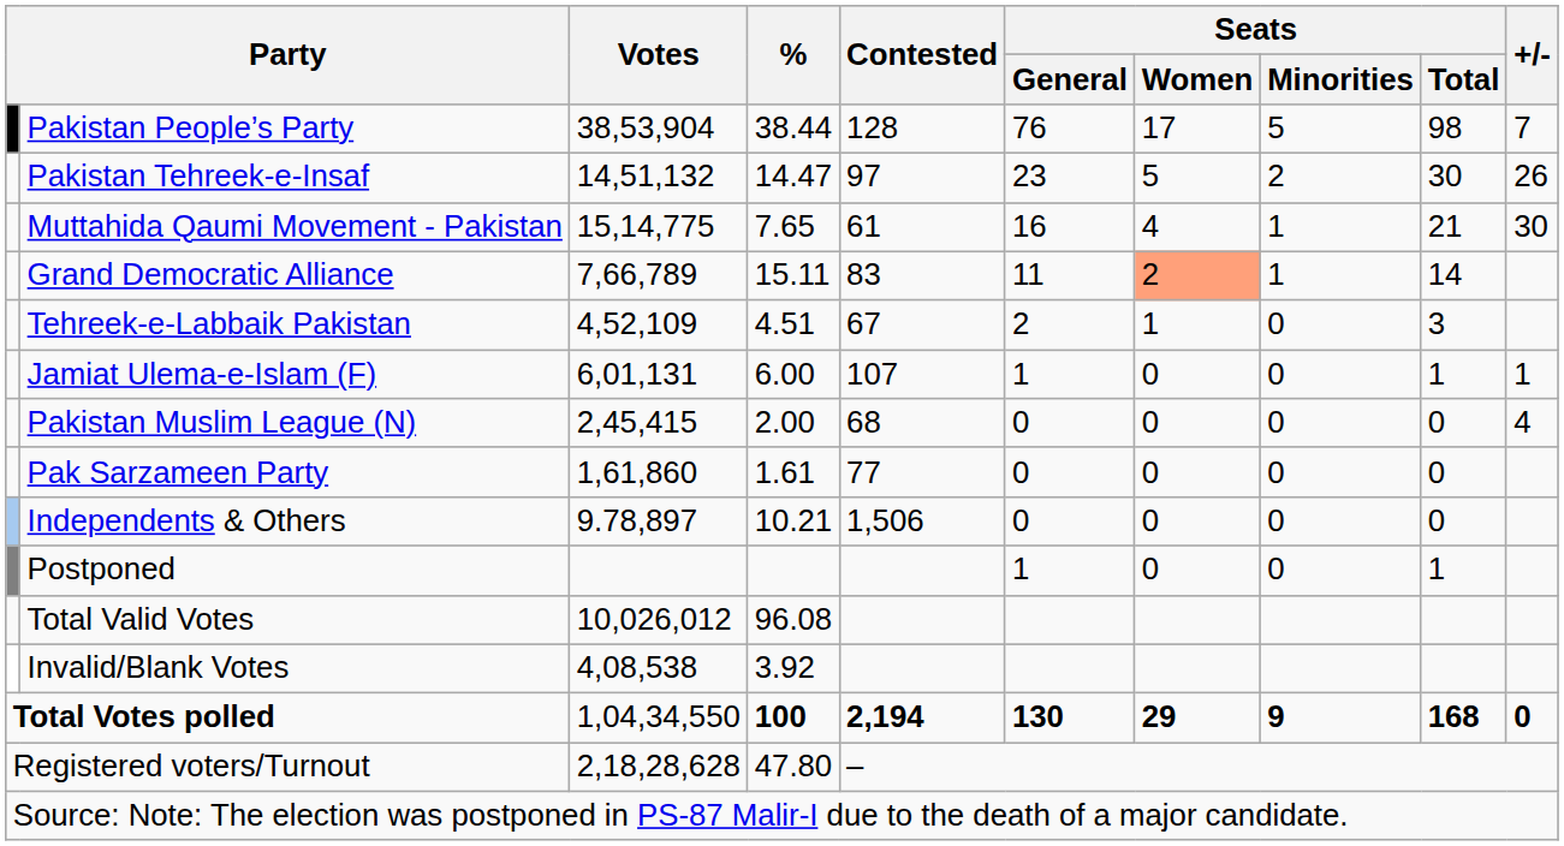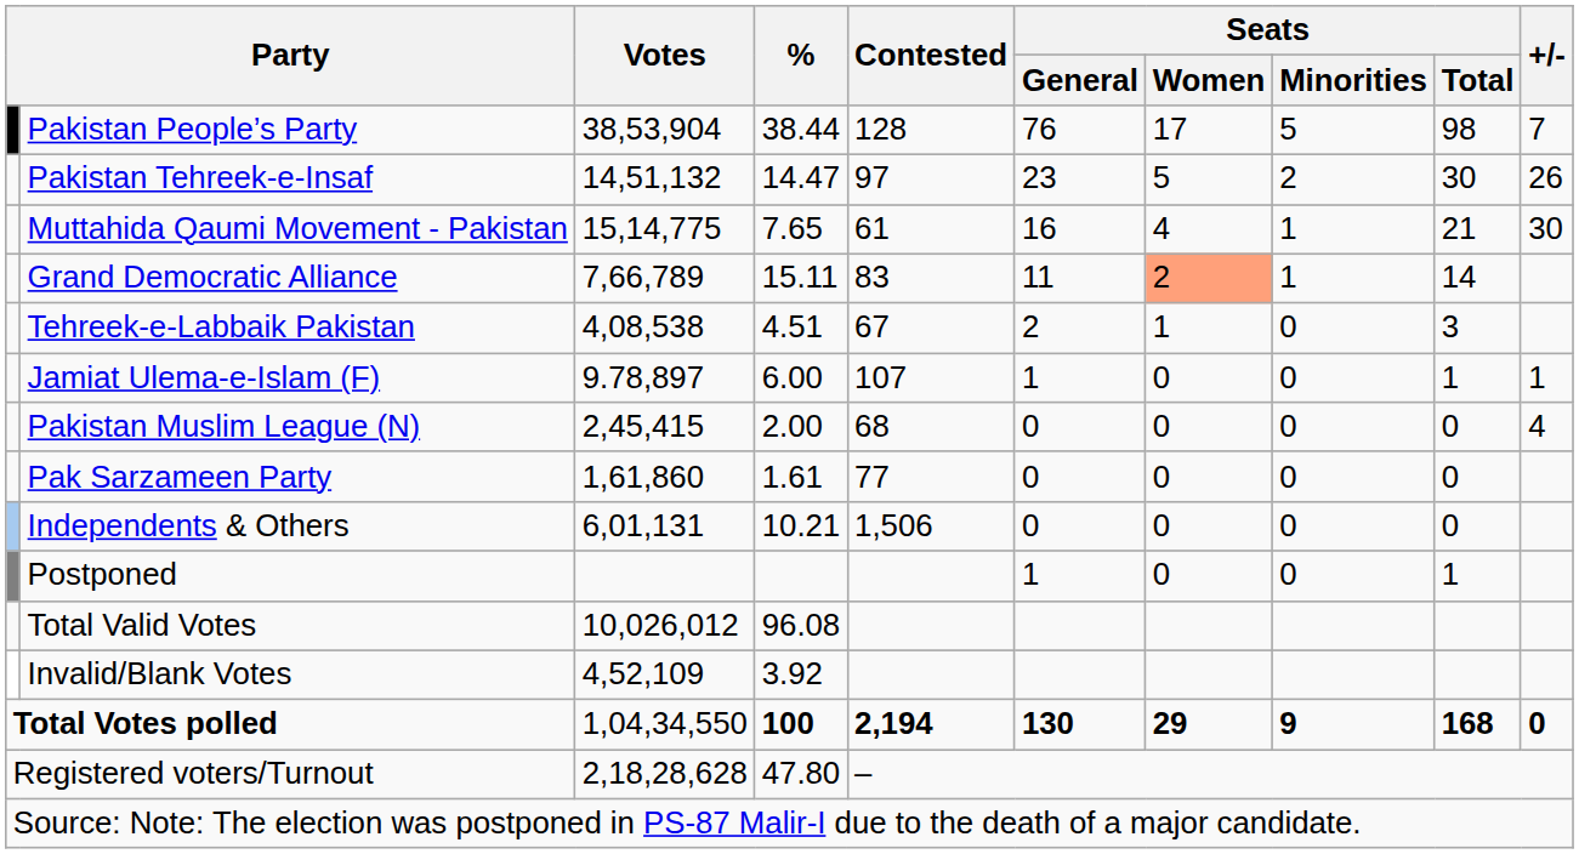 <table class="wikitable">
 <tr>
 <th colspan="2" rowspan="2">Party</th>
 <th rowspan="2">Votes</th>
 <th rowspan="2">%</th>
 <th rowspan="2">Contested</th>
 <th colspan="4">Seats</th>
 <th rowspan="2">+/-</th>
 </tr>
 <tr>
 <th>General</th>
 <th>Women</th>
 <th>Minorities</th>
 <th>Total</th>
 </tr>
 <tr>
 <td style="color:inherit;background:#000000"></td>
 <td><a href='#'>Pakistan People’s Party</a></td>
 <td>38,53,904</td>
 <td>38.44</td>
 <td>128</td>
 <td>76</td>
 <td>17</td>
 <td>5</td>
 <td>98</td>
 <td>7</td>
 </tr>
 <tr>
 <td style="color:inherit;background:"></td>
 <td><a href='#'>Pakistan Tehreek-e-Insaf</a></td>
 <td>14,51,132</td>
 <td>14.47</td>
 <td>97</td>
 <td>23</td>
 <td>5</td>
 <td>2</td>
 <td>30</td>
 <td>26</td>
 </tr>
 <tr>
 <td style="color:inherit;background:"></td>
 <td><a href='#'>Muttahida Qaumi Movement - Pakistan</a></td>
 <td>15,14,775</td>
 <td>7.65</td>
 <td>61</td>
 <td>16</td>
 <td>4</td>
 <td>1</td>
 <td>21</td>
 <td>30</td>
 </tr>
 <tr>
 <td style="color:inherit;background:"></td>
 <td><a href='#'>Grand Democratic Alliance</a></td>
 <td>7,66,789</td>
 <td>15.11</td>
 <td>83</td>
 <td>11</td>
 <td style="background: lightsalmon;">2</td>
 <td>1</td>
 <td>14</td>
 <td></td>
 </tr>
 <tr>
 <td style="color:inherit;background:"></td>
 <td><a href='#'>Tehreek-e-Labbaik Pakistan</a></td>
-<td>4,52,109</td>
+<td>4,08,538</td>
 <td>4.51</td>
 <td>67</td>
 <td>2</td>
 <td>1</td>
 <td>0</td>
 <td>3</td>
 <td></td>
 </tr>
 <tr>
 <td style="color:inherit;background:"></td>
 <td><a href='#'>Jamiat Ulema-e-Islam (F)</a></td>
-<td>6,01,131</td>
+<td>9.78,897</td>
 <td>6.00</td>
 <td>107</td>
 <td>1</td>
 <td>0</td>
 <td>0</td>
 <td>1</td>
 <td>1</td>
 </tr>
 <tr>
 <td style="color:inherit;background:"></td>
 <td><a href='#'>Pakistan Muslim League (N)</a></td>
 <td>2,45,415</td>
 <td>2.00</td>
 <td>68</td>
 <td>0</td>
 <td>0</td>
 <td>0</td>
 <td>0</td>
 <td>4</td>
 </tr>
 <tr>
 <td style="color:inherit;background:"></td>
 <td><a href='#'>Pak Sarzameen Party</a></td>
 <td>1,61,860</td>
 <td>1.61</td>
 <td>77</td>
 <td>0</td>
 <td>0</td>
 <td>0</td>
 <td>0</td>
 <td></td>
 </tr>
 <tr>
 <td style="color:inherit;background:#a6caf0"></td>
 <td><a href='#'>Independents</a> & Others</td>
-<td>9.78,897</td>
+<td>6,01,131</td>
 <td>10.21</td>
 <td>1,506</td>
 <td>0</td>
 <td>0</td>
 <td>0</td>
 <td>0</td>
 <td></td>
 </tr>
 <tr>
 <td style="color:inherit;background:#7f7f7f"></td>
 <td>Postponed</td>
 <td></td>
 <td></td>
 <td></td>
 <td>1</td>
 <td>0</td>
 <td>0</td>
 <td>1</td>
 <td></td>
 </tr>
 <tr>
 <td></td>
 <td>Total Valid Votes</td>
 <td>10,026,012</td>
 <td>96.08</td>
 <td></td>
 <td></td>
 <td></td>
 <td></td>
 <td></td>
 <td></td>
 </tr>
 <tr>
 <td bgcolor="white"></td>
 <td>Invalid/Blank Votes</td>
-<td>4,08,538</td>
+<td>4,52,109</td>
 <td>3.92</td>
 <td></td>
 <td></td>
 <td></td>
 <td></td>
 <td></td>
 <td></td>
 </tr>
 <tr>
 <td colspan="2"><strong>Total Votes polled</strong></td>
 <td>1,04,34,550</td>
 <td><strong>100</strong></td>
 <td><strong>2,194</strong></td>
 <td><strong>130</strong></td>
 <td><strong>29</strong></td>
 <td><strong>9</strong></td>
 <td><strong>168</strong></td>
 <td><strong>0</strong></td>
 </tr>
 <tr>
 <td colspan="2">Registered voters/Turnout</td>
 <td>2,18,28,628</td>
 <td>47.80</td>
 <td colspan="6">–</td>
 </tr>
 <tr>
 <td colspan="10">Source: Note: The election was postponed in <a href='#'>PS-87 Malir-I</a> due to the death of a major candidate.</td>
 </tr>
 </table>
